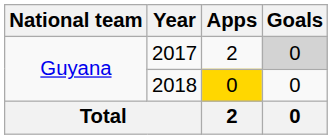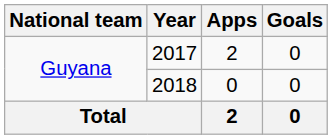 <table class="wikitable" style="text-align:center">
 <tr>
 <th>National team</th>
 <th>Year</th>
 <th>Apps</th>
 <th>Goals</th>
 </tr>
 <tr>
 <td rowspan="2"><a href='#'>Guyana</a></td>
 <td>2017</td>
 <td>2</td>
-<td style="background: lightgrey;">0</td>
+<td>0</td>
 </tr>
 <tr>
 <td>2018</td>
-<td style="background: gold;">0</td>
+<td>0</td>
 <td>0</td>
 </tr>
 <tr>
 <th colspan=2>Total</th>
 <th>2</th>
 <th>0</th>
 </tr>
 </table>
